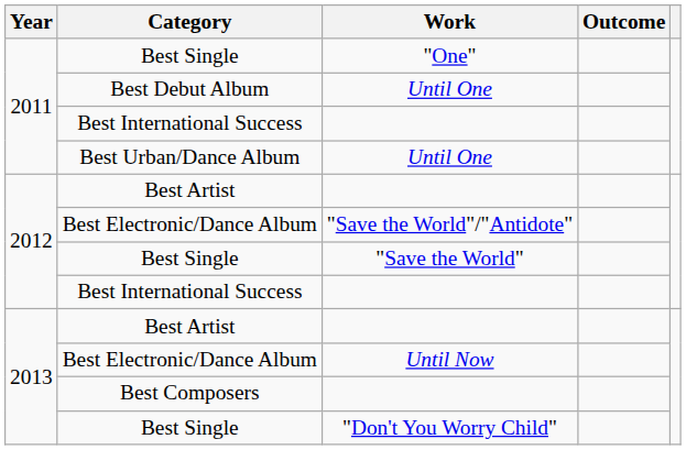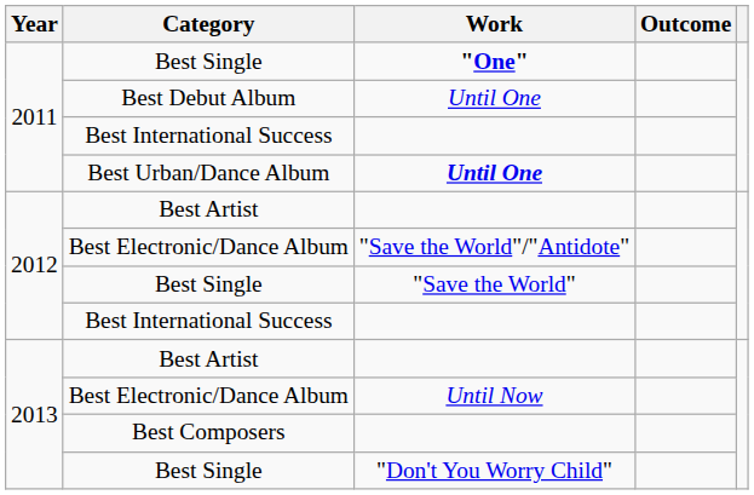 <table class="wikitable plainrowheaders" style="text-align:center;">
 <tr>
 <th>Year</th>
 <th>Category</th>
 <th>Work</th>
 <th>Outcome</th>
 <th></th>
 </tr>
 <tr>
 <td rowspan="4">2011</td>
 <td>Best Single</td>
-<td>"<a href='#'>One</a>"</td>
+<td><strong>"<a href='#'>One</a>"</strong></td>
 <td></td>
 <td rowspan="4"></td>
 </tr>
 <tr>
 <td>Best Debut Album</td>
 <td><em><a href='#'>Until One</a></em></td>
 <td></td>
 </tr>
 <tr>
 <td>Best International Success</td>
 <td></td>
 <td></td>
 </tr>
 <tr>
 <td>Best Urban/Dance Album</td>
-<td><em><a href='#'>Until One</a></em></td>
+<td><strong><em><a href='#'>Until One</a></em></strong></td>
 <td></td>
 </tr>
 <tr>
 <td rowspan="4">2012</td>
 <td>Best Artist</td>
 <td></td>
 <td></td>
 <td rowspan="4"></td>
 </tr>
 <tr>
 <td>Best Electronic/Dance Album</td>
 <td>"<a href='#'>Save the World</a>"/"<a href='#'>Antidote</a>"</td>
 <td></td>
 </tr>
 <tr>
 <td>Best Single</td>
 <td>"<a href='#'>Save the World</a>"</td>
 <td></td>
 </tr>
 <tr>
 <td>Best International Success</td>
 <td></td>
 <td></td>
 </tr>
 <tr>
 <td rowspan="4">2013</td>
 <td>Best Artist</td>
 <td></td>
 <td></td>
 <td rowspan="4"></td>
 </tr>
 <tr>
 <td>Best Electronic/Dance Album</td>
 <td><em><a href='#'>Until Now</a></em></td>
 <td></td>
 </tr>
 <tr>
 <td>Best Composers</td>
 <td></td>
 <td></td>
 </tr>
 <tr>
 <td>Best Single</td>
 <td>"<a href='#'>Don't You Worry Child</a>"</td>
 <td></td>
 </tr>
 </table>
